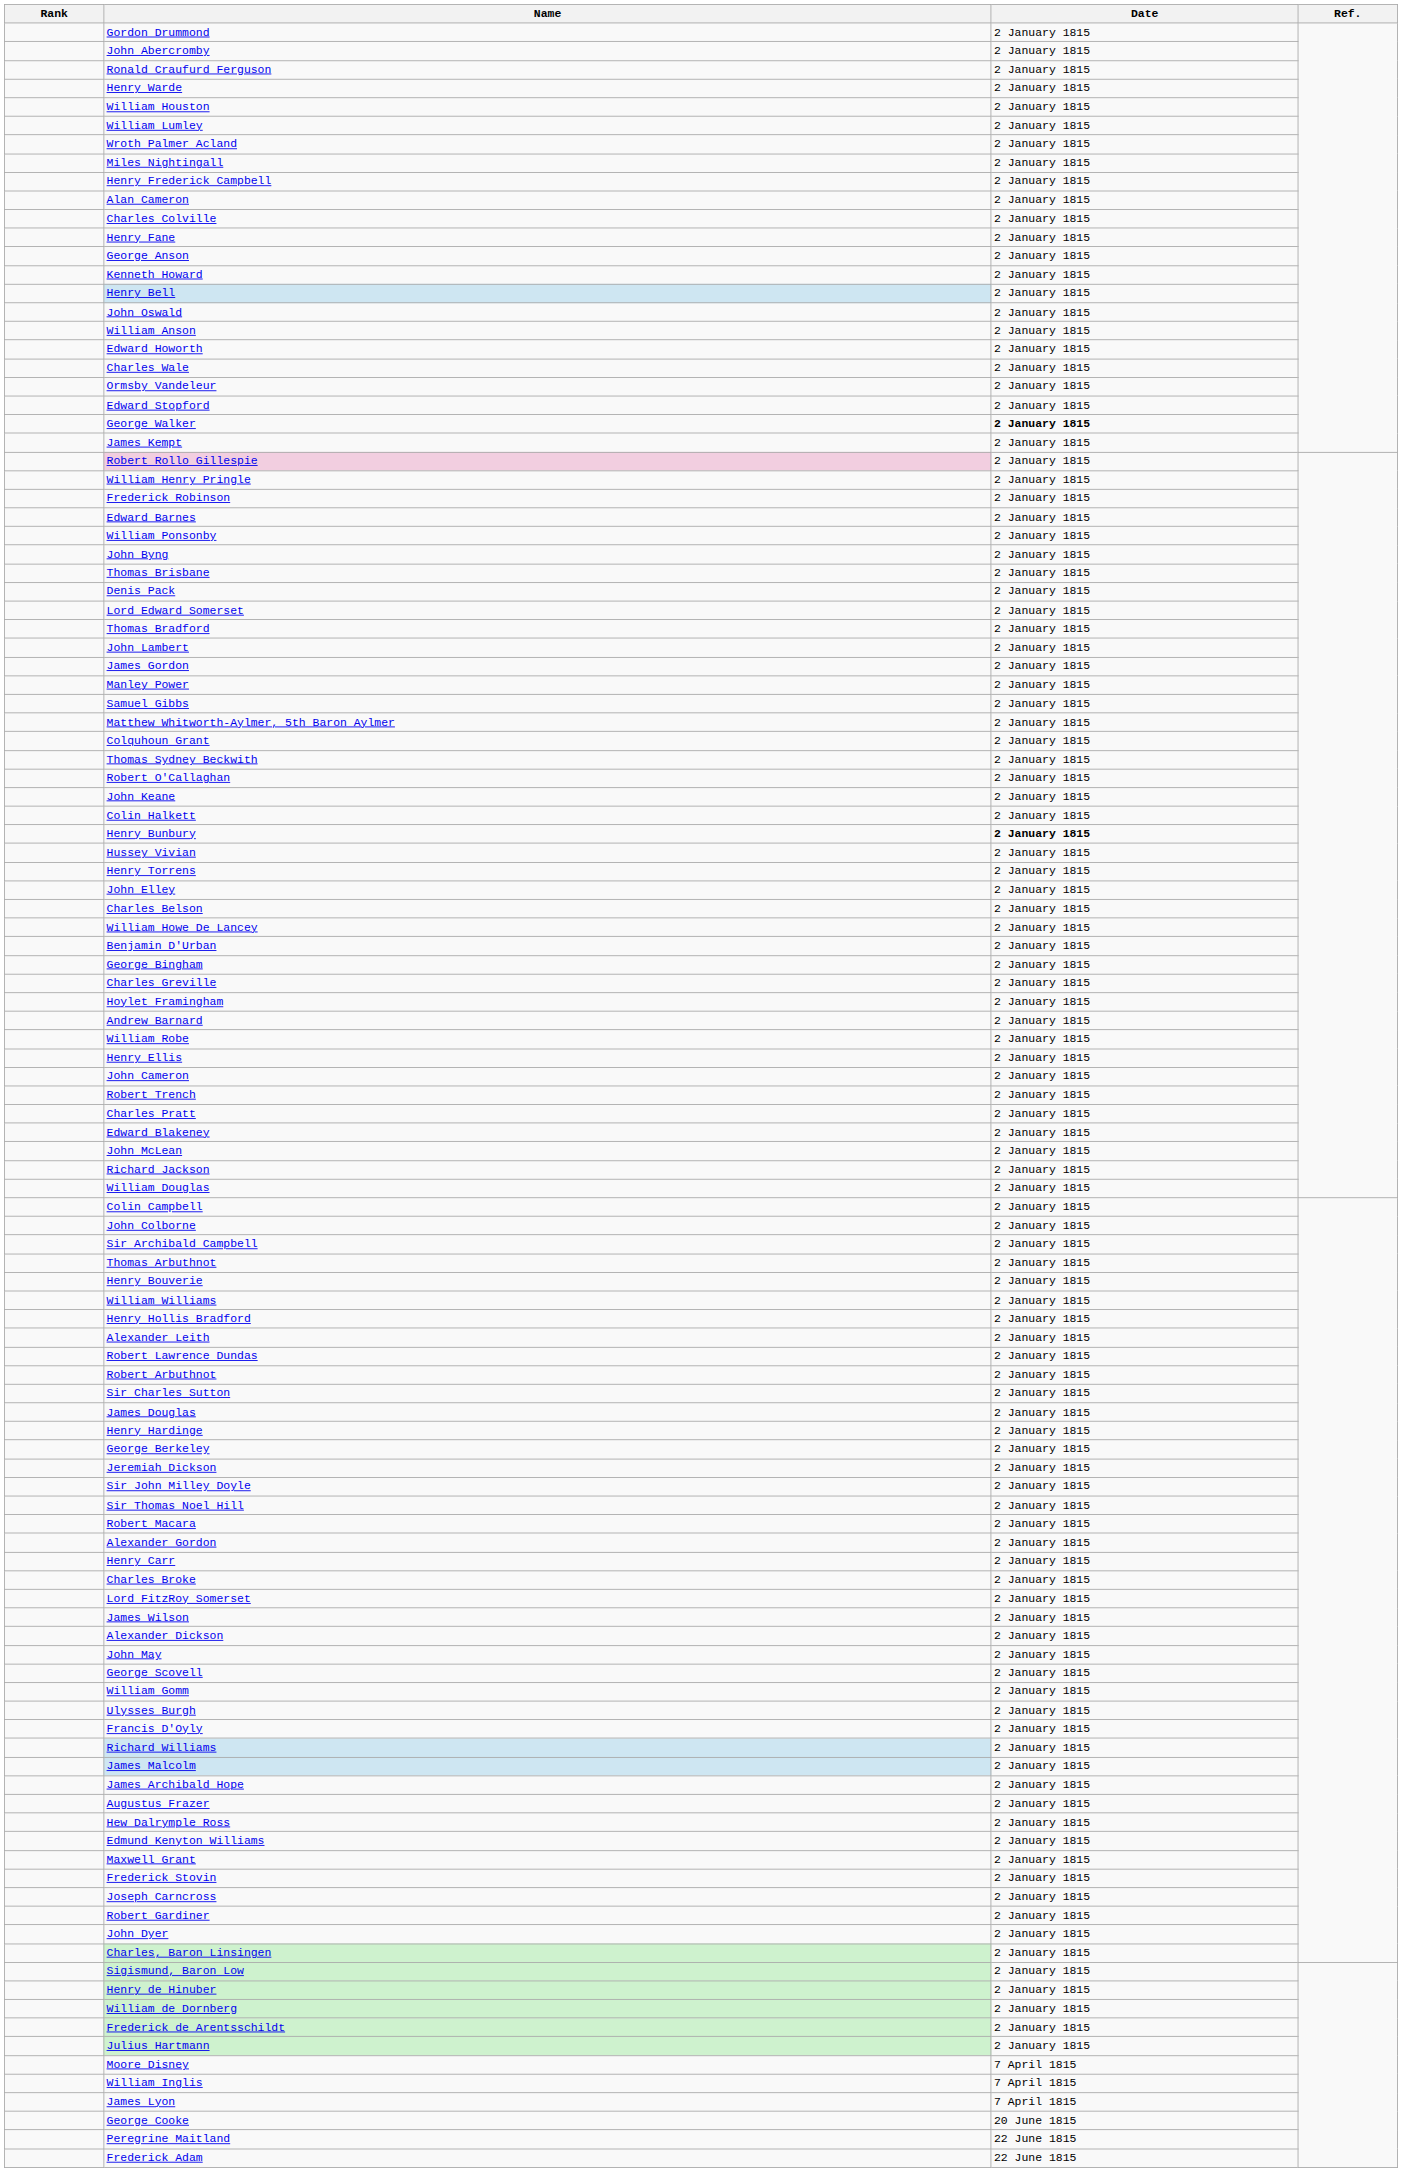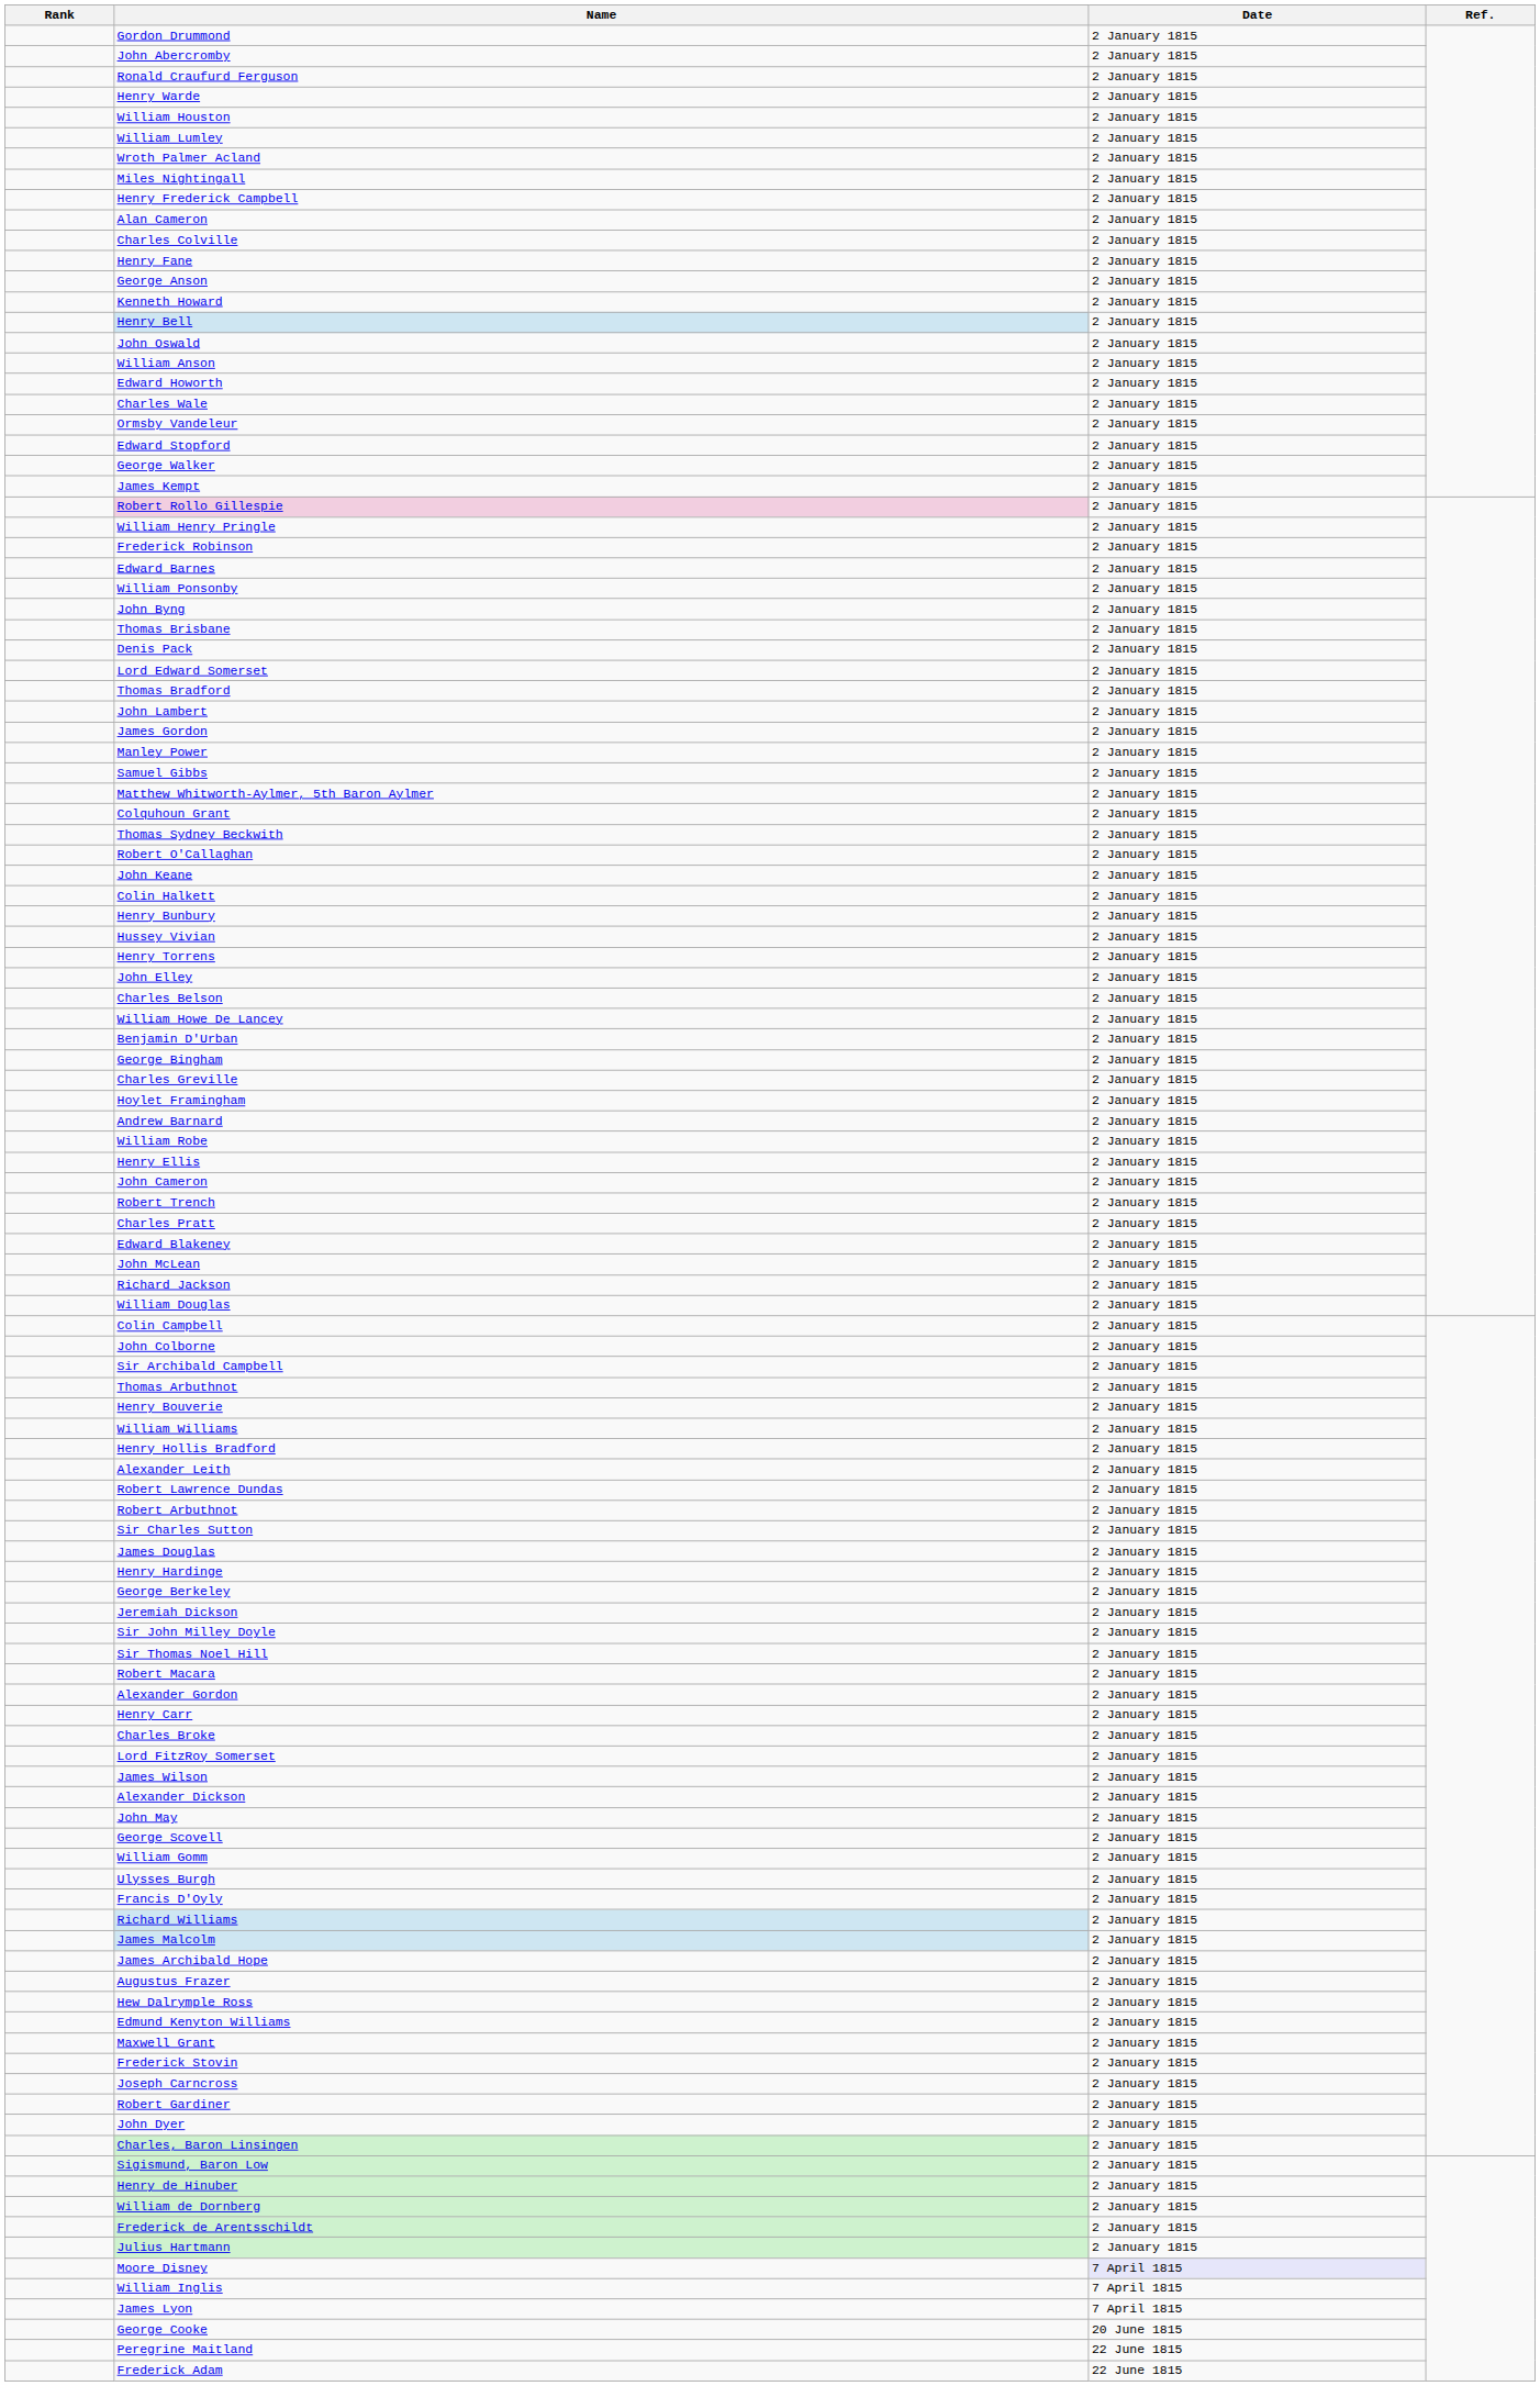 <table class="wikitable sortable"width=100%>
 <tr>
 <th style=>Rank</th>
 <th style=>Name</th>
 <th style=>Date</th>
 <th style=>Ref.</th>
 </tr>
 <tr>
 <td></td>
 <td><a href='#'>Gordon Drummond</a></td>
 <td>2 January 1815</td>
 <td rowspan=23></td>
 </tr>
 <tr>
 <td></td>
 <td><a href='#'>John Abercromby</a></td>
 <td>2 January 1815</td>
 </tr>
 <tr>
 <td></td>
 <td><a href='#'>Ronald Craufurd Ferguson</a></td>
 <td>2 January 1815</td>
 </tr>
 <tr>
 <td></td>
 <td><a href='#'>Henry Warde</a></td>
 <td>2 January 1815</td>
 </tr>
 <tr>
 <td></td>
 <td><a href='#'>William Houston</a></td>
 <td>2 January 1815</td>
 </tr>
 <tr>
 <td></td>
 <td><a href='#'>William Lumley</a></td>
 <td>2 January 1815</td>
 </tr>
 <tr>
 <td></td>
 <td><a href='#'>Wroth Palmer Acland</a></td>
 <td>2 January 1815</td>
 </tr>
 <tr>
 <td></td>
 <td><a href='#'>Miles Nightingall</a></td>
 <td>2 January 1815</td>
 </tr>
 <tr>
 <td></td>
 <td><a href='#'>Henry Frederick Campbell</a></td>
 <td>2 January 1815</td>
 </tr>
 <tr>
 <td></td>
 <td><a href='#'>Alan Cameron</a></td>
 <td>2 January 1815</td>
 </tr>
 <tr>
 <td></td>
 <td><a href='#'>Charles Colville</a></td>
 <td>2 January 1815</td>
 </tr>
 <tr>
 <td></td>
 <td><a href='#'>Henry Fane</a></td>
 <td>2 January 1815</td>
 </tr>
 <tr>
 <td></td>
 <td><a href='#'>George Anson</a></td>
 <td>2 January 1815</td>
 </tr>
 <tr>
 <td></td>
 <td><a href='#'>Kenneth Howard</a></td>
 <td>2 January 1815</td>
 </tr>
 <tr>
 <td></td>
 <td bgcolor="#CEE6F2"><a href='#'>Henry Bell</a></td>
 <td>2 January 1815</td>
 </tr>
 <tr>
 <td></td>
 <td><a href='#'>John Oswald</a></td>
 <td>2 January 1815</td>
 </tr>
 <tr>
 <td></td>
 <td><a href='#'>William Anson</a></td>
 <td>2 January 1815</td>
 </tr>
 <tr>
 <td></td>
 <td><a href='#'>Edward Howorth</a></td>
 <td>2 January 1815</td>
 </tr>
 <tr>
 <td></td>
 <td><a href='#'>Charles Wale</a></td>
 <td>2 January 1815</td>
 </tr>
 <tr>
 <td></td>
 <td><a href='#'>Ormsby Vandeleur</a></td>
 <td>2 January 1815</td>
 </tr>
 <tr>
 <td></td>
 <td><a href='#'>Edward Stopford</a></td>
 <td>2 January 1815</td>
 </tr>
 <tr>
 <td></td>
 <td><a href='#'>George Walker</a></td>
-<td><strong>2 January 1815</strong></td>
+<td>2 January 1815</td>
 </tr>
 <tr>
 <td></td>
 <td><a href='#'>James Kempt</a></td>
 <td>2 January 1815</td>
 </tr>
 <tr>
 <td></td>
 <td bgcolor="#F2CEE0"><a href='#'>Robert Rollo Gillespie</a></td>
 <td>2 January 1815</td>
 <td rowspan=40></td>
 </tr>
 <tr>
 <td></td>
 <td><a href='#'>William Henry Pringle</a></td>
 <td>2 January 1815</td>
 </tr>
 <tr>
 <td></td>
 <td><a href='#'>Frederick Robinson</a></td>
 <td>2 January 1815</td>
 </tr>
 <tr>
 <td></td>
 <td><a href='#'>Edward Barnes</a></td>
 <td>2 January 1815</td>
 </tr>
 <tr>
 <td></td>
 <td><a href='#'>William Ponsonby</a></td>
 <td>2 January 1815</td>
 </tr>
 <tr>
 <td></td>
 <td><a href='#'>John Byng</a></td>
 <td>2 January 1815</td>
 </tr>
 <tr>
 <td></td>
 <td><a href='#'>Thomas Brisbane</a></td>
 <td>2 January 1815</td>
 </tr>
 <tr>
 <td></td>
 <td><a href='#'>Denis Pack</a></td>
 <td>2 January 1815</td>
 </tr>
 <tr>
 <td></td>
 <td><a href='#'>Lord Edward Somerset</a></td>
 <td>2 January 1815</td>
 </tr>
 <tr>
 <td></td>
 <td><a href='#'>Thomas Bradford</a></td>
 <td>2 January 1815</td>
 </tr>
 <tr>
 <td></td>
 <td><a href='#'>John Lambert</a></td>
 <td>2 January 1815</td>
 </tr>
 <tr>
 <td></td>
 <td><a href='#'>James Gordon</a></td>
 <td>2 January 1815</td>
 </tr>
 <tr>
 <td></td>
 <td><a href='#'>Manley Power</a></td>
 <td>2 January 1815</td>
 </tr>
 <tr>
 <td></td>
 <td><a href='#'>Samuel Gibbs</a></td>
 <td>2 January 1815</td>
 </tr>
 <tr>
 <td></td>
 <td><a href='#'>Matthew Whitworth-Aylmer, 5th Baron Aylmer</a></td>
 <td>2 January 1815</td>
 </tr>
 <tr>
 <td></td>
 <td><a href='#'>Colquhoun Grant</a></td>
 <td>2 January 1815</td>
 </tr>
 <tr>
 <td></td>
 <td><a href='#'>Thomas Sydney Beckwith</a></td>
 <td>2 January 1815</td>
 </tr>
 <tr>
 <td></td>
 <td><a href='#'>Robert O'Callaghan</a></td>
 <td>2 January 1815</td>
 </tr>
 <tr>
 <td></td>
 <td><a href='#'>John Keane</a></td>
 <td>2 January 1815</td>
 </tr>
 <tr>
 <td></td>
 <td><a href='#'>Colin Halkett</a></td>
 <td>2 January 1815</td>
 </tr>
 <tr>
 <td></td>
 <td><a href='#'>Henry Bunbury</a></td>
-<td><strong>2 January 1815</strong></td>
+<td>2 January 1815</td>
 </tr>
 <tr>
 <td></td>
 <td><a href='#'>Hussey Vivian</a></td>
 <td>2 January 1815</td>
 </tr>
 <tr>
 <td></td>
 <td><a href='#'>Henry Torrens</a></td>
 <td>2 January 1815</td>
 </tr>
 <tr>
 <td></td>
 <td><a href='#'>John Elley</a></td>
 <td>2 January 1815</td>
 </tr>
 <tr>
 <td></td>
 <td><a href='#'>Charles Belson</a></td>
 <td>2 January 1815</td>
 </tr>
 <tr>
 <td></td>
 <td><a href='#'>William Howe De Lancey</a></td>
 <td>2 January 1815</td>
 </tr>
 <tr>
 <td></td>
 <td><a href='#'>Benjamin D'Urban</a></td>
 <td>2 January 1815</td>
 </tr>
 <tr>
 <td></td>
 <td><a href='#'>George Bingham</a></td>
 <td>2 January 1815</td>
 </tr>
 <tr>
 <td></td>
 <td><a href='#'>Charles Greville</a></td>
 <td>2 January 1815</td>
 </tr>
 <tr>
 <td></td>
 <td><a href='#'>Hoylet Framingham</a></td>
 <td>2 January 1815</td>
 </tr>
 <tr>
 <td></td>
 <td><a href='#'>Andrew Barnard</a></td>
 <td>2 January 1815</td>
 </tr>
 <tr>
 <td></td>
 <td><a href='#'>William Robe</a></td>
 <td>2 January 1815</td>
 </tr>
 <tr>
 <td></td>
 <td><a href='#'>Henry Ellis</a></td>
 <td>2 January 1815</td>
 </tr>
 <tr>
 <td></td>
 <td><a href='#'>John Cameron</a></td>
 <td>2 January 1815</td>
 </tr>
 <tr>
 <td></td>
 <td><a href='#'>Robert Trench</a></td>
 <td>2 January 1815</td>
 </tr>
 <tr>
 <td></td>
 <td><a href='#'>Charles Pratt</a></td>
 <td>2 January 1815</td>
 </tr>
 <tr>
 <td></td>
 <td><a href='#'>Edward Blakeney</a></td>
 <td>2 January 1815</td>
 </tr>
 <tr>
 <td></td>
 <td><a href='#'>John McLean</a></td>
 <td>2 January 1815</td>
 </tr>
 <tr>
 <td></td>
 <td><a href='#'>Richard Jackson</a></td>
 <td>2 January 1815</td>
 </tr>
 <tr>
 <td></td>
 <td><a href='#'>William Douglas</a></td>
 <td>2 January 1815</td>
 </tr>
 <tr>
 <td></td>
 <td><a href='#'>Colin Campbell</a></td>
 <td>2 January 1815</td>
 <td rowspan=41></td>
 </tr>
 <tr>
 <td></td>
 <td><a href='#'>John Colborne</a></td>
 <td>2 January 1815</td>
 </tr>
 <tr>
 <td></td>
 <td><a href='#'>Sir Archibald Campbell</a></td>
 <td>2 January 1815</td>
 </tr>
 <tr>
 <td></td>
 <td><a href='#'>Thomas Arbuthnot</a></td>
 <td>2 January 1815</td>
 </tr>
 <tr>
 <td></td>
 <td><a href='#'>Henry Bouverie</a></td>
 <td>2 January 1815</td>
 </tr>
 <tr>
 <td></td>
 <td><a href='#'>William Williams</a></td>
 <td>2 January 1815</td>
 </tr>
 <tr>
 <td></td>
 <td><a href='#'>Henry Hollis Bradford</a></td>
 <td>2 January 1815</td>
 </tr>
 <tr>
 <td></td>
 <td><a href='#'>Alexander Leith</a></td>
 <td>2 January 1815</td>
 </tr>
 <tr>
 <td></td>
 <td><a href='#'>Robert Lawrence Dundas</a></td>
 <td>2 January 1815</td>
 </tr>
 <tr>
 <td></td>
 <td><a href='#'>Robert Arbuthnot</a></td>
 <td>2 January 1815</td>
 </tr>
 <tr>
 <td></td>
 <td><a href='#'>Sir Charles Sutton</a></td>
 <td>2 January 1815</td>
 </tr>
 <tr>
 <td></td>
 <td><a href='#'>James Douglas</a></td>
 <td>2 January 1815</td>
 </tr>
 <tr>
 <td></td>
 <td><a href='#'>Henry Hardinge</a></td>
 <td>2 January 1815</td>
 </tr>
 <tr>
 <td></td>
 <td><a href='#'>George Berkeley</a></td>
 <td>2 January 1815</td>
 </tr>
 <tr>
 <td></td>
 <td><a href='#'>Jeremiah Dickson</a></td>
 <td>2 January 1815</td>
 </tr>
 <tr>
 <td></td>
 <td><a href='#'>Sir John Milley Doyle</a></td>
 <td>2 January 1815</td>
 </tr>
 <tr>
 <td></td>
 <td><a href='#'>Sir Thomas Noel Hill</a></td>
 <td>2 January 1815</td>
 </tr>
 <tr>
 <td></td>
 <td><a href='#'>Robert Macara</a></td>
 <td>2 January 1815</td>
 </tr>
 <tr>
 <td></td>
 <td><a href='#'>Alexander Gordon</a></td>
 <td>2 January 1815</td>
 </tr>
 <tr>
 <td></td>
 <td><a href='#'>Henry Carr</a></td>
 <td>2 January 1815</td>
 </tr>
 <tr>
 <td></td>
 <td><a href='#'>Charles Broke</a></td>
 <td>2 January 1815</td>
 </tr>
 <tr>
 <td></td>
 <td><a href='#'>Lord FitzRoy Somerset</a></td>
 <td>2 January 1815</td>
 </tr>
 <tr>
 <td></td>
 <td><a href='#'>James Wilson</a></td>
 <td>2 January 1815</td>
 </tr>
 <tr>
 <td></td>
 <td><a href='#'>Alexander Dickson</a></td>
 <td>2 January 1815</td>
 </tr>
 <tr>
 <td></td>
 <td><a href='#'>John May</a></td>
 <td>2 January 1815</td>
 </tr>
 <tr>
 <td></td>
 <td><a href='#'>George Scovell</a></td>
 <td>2 January 1815</td>
 </tr>
 <tr>
 <td></td>
 <td><a href='#'>William Gomm</a></td>
 <td>2 January 1815</td>
 </tr>
 <tr>
 <td></td>
 <td><a href='#'>Ulysses Burgh</a></td>
 <td>2 January 1815</td>
 </tr>
 <tr>
 <td></td>
 <td><a href='#'>Francis D'Oyly</a></td>
 <td>2 January 1815</td>
 </tr>
 <tr>
 <td></td>
 <td bgcolor="#CEE6F2"><a href='#'>Richard Williams</a></td>
 <td>2 January 1815</td>
 </tr>
 <tr>
 <td></td>
 <td bgcolor="#CEE6F2"><a href='#'>James Malcolm</a></td>
 <td>2 January 1815</td>
 </tr>
 <tr>
 <td></td>
 <td><a href='#'>James Archibald Hope</a></td>
 <td>2 January 1815</td>
 </tr>
 <tr>
 <td></td>
 <td><a href='#'>Augustus Frazer</a></td>
 <td>2 January 1815</td>
 </tr>
 <tr>
 <td></td>
 <td><a href='#'>Hew Dalrymple Ross</a></td>
 <td>2 January 1815</td>
 </tr>
 <tr>
 <td></td>
 <td><a href='#'>Edmund Kenyton Williams</a></td>
 <td>2 January 1815</td>
 </tr>
 <tr>
 <td></td>
 <td><a href='#'>Maxwell Grant</a></td>
 <td>2 January 1815</td>
 </tr>
 <tr>
 <td></td>
 <td><a href='#'>Frederick Stovin</a></td>
 <td>2 January 1815</td>
 </tr>
 <tr>
 <td></td>
 <td><a href='#'>Joseph Carncross</a></td>
 <td>2 January 1815</td>
 </tr>
 <tr>
 <td></td>
 <td><a href='#'>Robert Gardiner</a></td>
 <td>2 January 1815</td>
 </tr>
 <tr>
 <td></td>
 <td><a href='#'>John Dyer</a></td>
 <td>2 January 1815</td>
 </tr>
 <tr>
 <td></td>
 <td bgcolor="#CEF2CE"><a href='#'>Charles, Baron Linsingen</a></td>
 <td>2 January 1815</td>
 </tr>
 <tr>
 <td></td>
 <td bgcolor="#CEF2CE"><a href='#'>Sigismund, Baron Low</a></td>
 <td>2 January 1815</td>
 <td rowspan=12></td>
 </tr>
 <tr>
 <td></td>
 <td bgcolor="#CEF2CE"><a href='#'>Henry de Hinuber</a></td>
 <td>2 January 1815</td>
 </tr>
 <tr>
 <td></td>
 <td bgcolor="#CEF2CE"><a href='#'>William de Dornberg</a></td>
 <td>2 January 1815</td>
 </tr>
 <tr>
 <td></td>
 <td bgcolor="#CEF2CE"><a href='#'>Frederick de Arentsschildt</a></td>
 <td>2 January 1815</td>
 </tr>
 <tr>
 <td></td>
 <td bgcolor="#CEF2CE"><a href='#'>Julius Hartmann</a></td>
 <td>2 January 1815</td>
 </tr>
 <tr>
 <td></td>
 <td><a href='#'>Moore Disney</a></td>
-<td>7 April 1815</td>
+<td style="background: lavender;">7 April 1815</td>
 </tr>
 <tr>
 <td></td>
 <td><a href='#'>William Inglis</a></td>
 <td>7 April 1815</td>
 </tr>
 <tr>
 <td></td>
 <td><a href='#'>James Lyon</a></td>
 <td>7 April 1815</td>
 </tr>
 <tr>
 <td></td>
 <td><a href='#'>George Cooke</a></td>
 <td>20 June 1815</td>
 </tr>
 <tr>
 <td></td>
 <td><a href='#'>Peregrine Maitland</a></td>
 <td>22 June 1815</td>
 </tr>
 <tr>
 <td></td>
 <td><a href='#'>Frederick Adam</a></td>
 <td>22 June 1815</td>
 </tr>
 </table>
